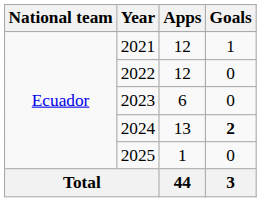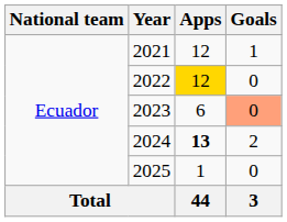 <table class="wikitable" style="text-align:center">
 <tr>
 <th>National team</th>
 <th>Year</th>
 <th>Apps</th>
 <th>Goals</th>
 </tr>
 <tr>
 <td rowspan=5><a href='#'>Ecuador</a></td>
 <td>2021</td>
 <td>12</td>
 <td>1</td>
 </tr>
 <tr>
 <td>2022</td>
-<td>12</td>
+<td style="background: gold;">12</td>
 <td>0</td>
 </tr>
 <tr>
 <td>2023</td>
 <td>6</td>
-<td>0</td>
+<td style="background: lightsalmon;">0</td>
 </tr>
 <tr>
 <td>2024</td>
-<td>13</td>
-<td><strong>2</strong></td>
+<td><strong>13</strong></td>
+<td>2</td>
 </tr>
 <tr>
 <td>2025</td>
 <td>1</td>
 <td>0</td>
 </tr>
 <tr>
 <th colspan=2>Total</th>
 <th>44</th>
 <th>3</th>
 </tr>
 </table>
